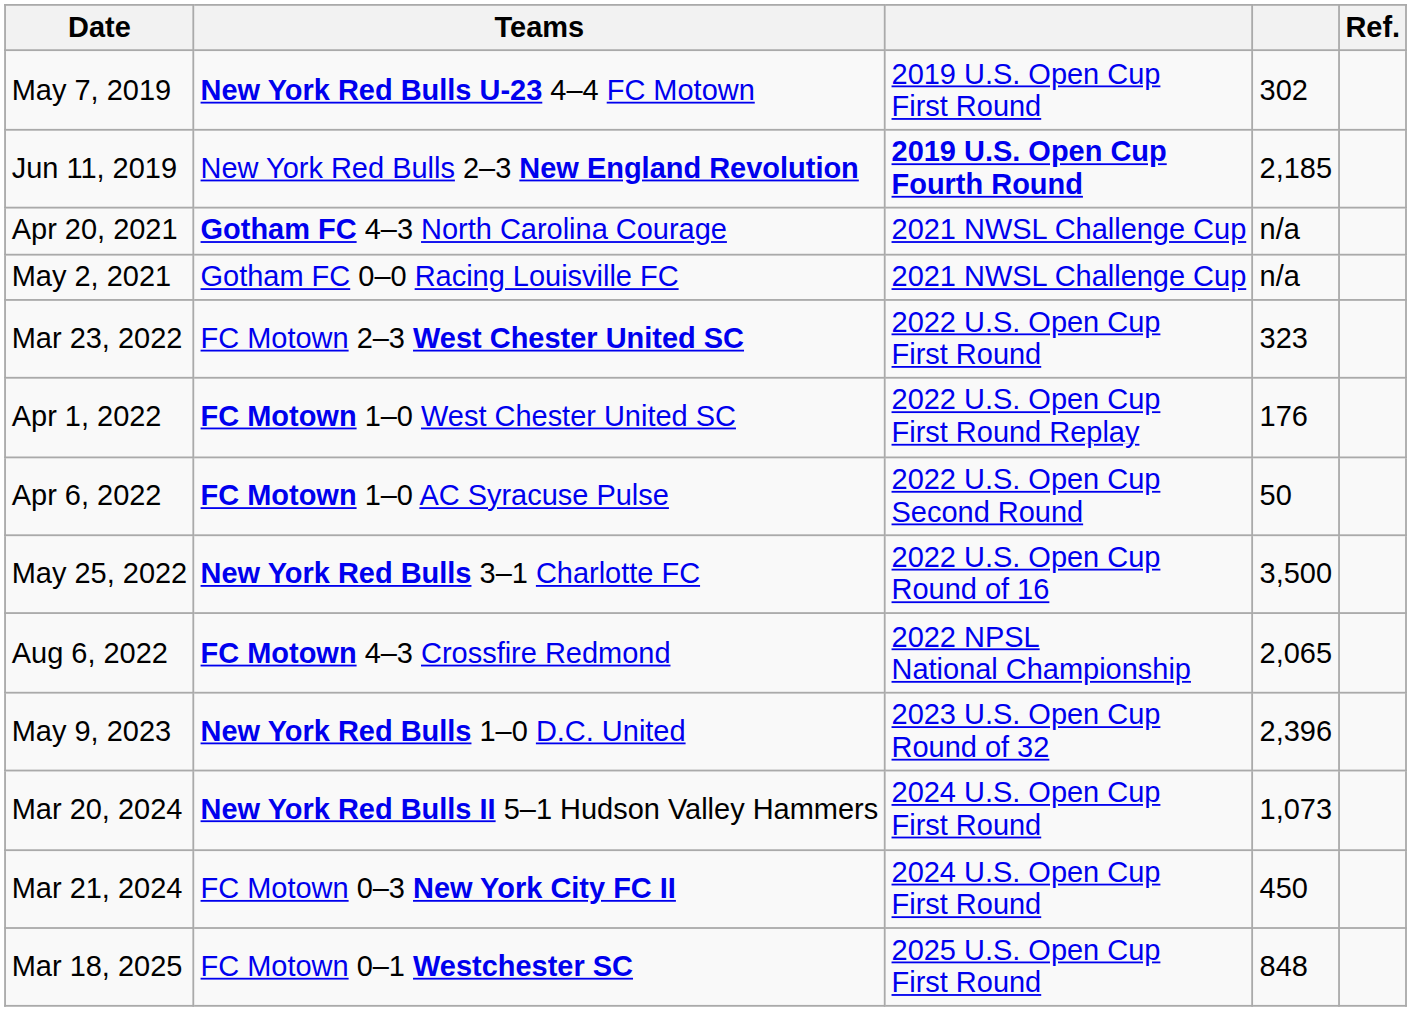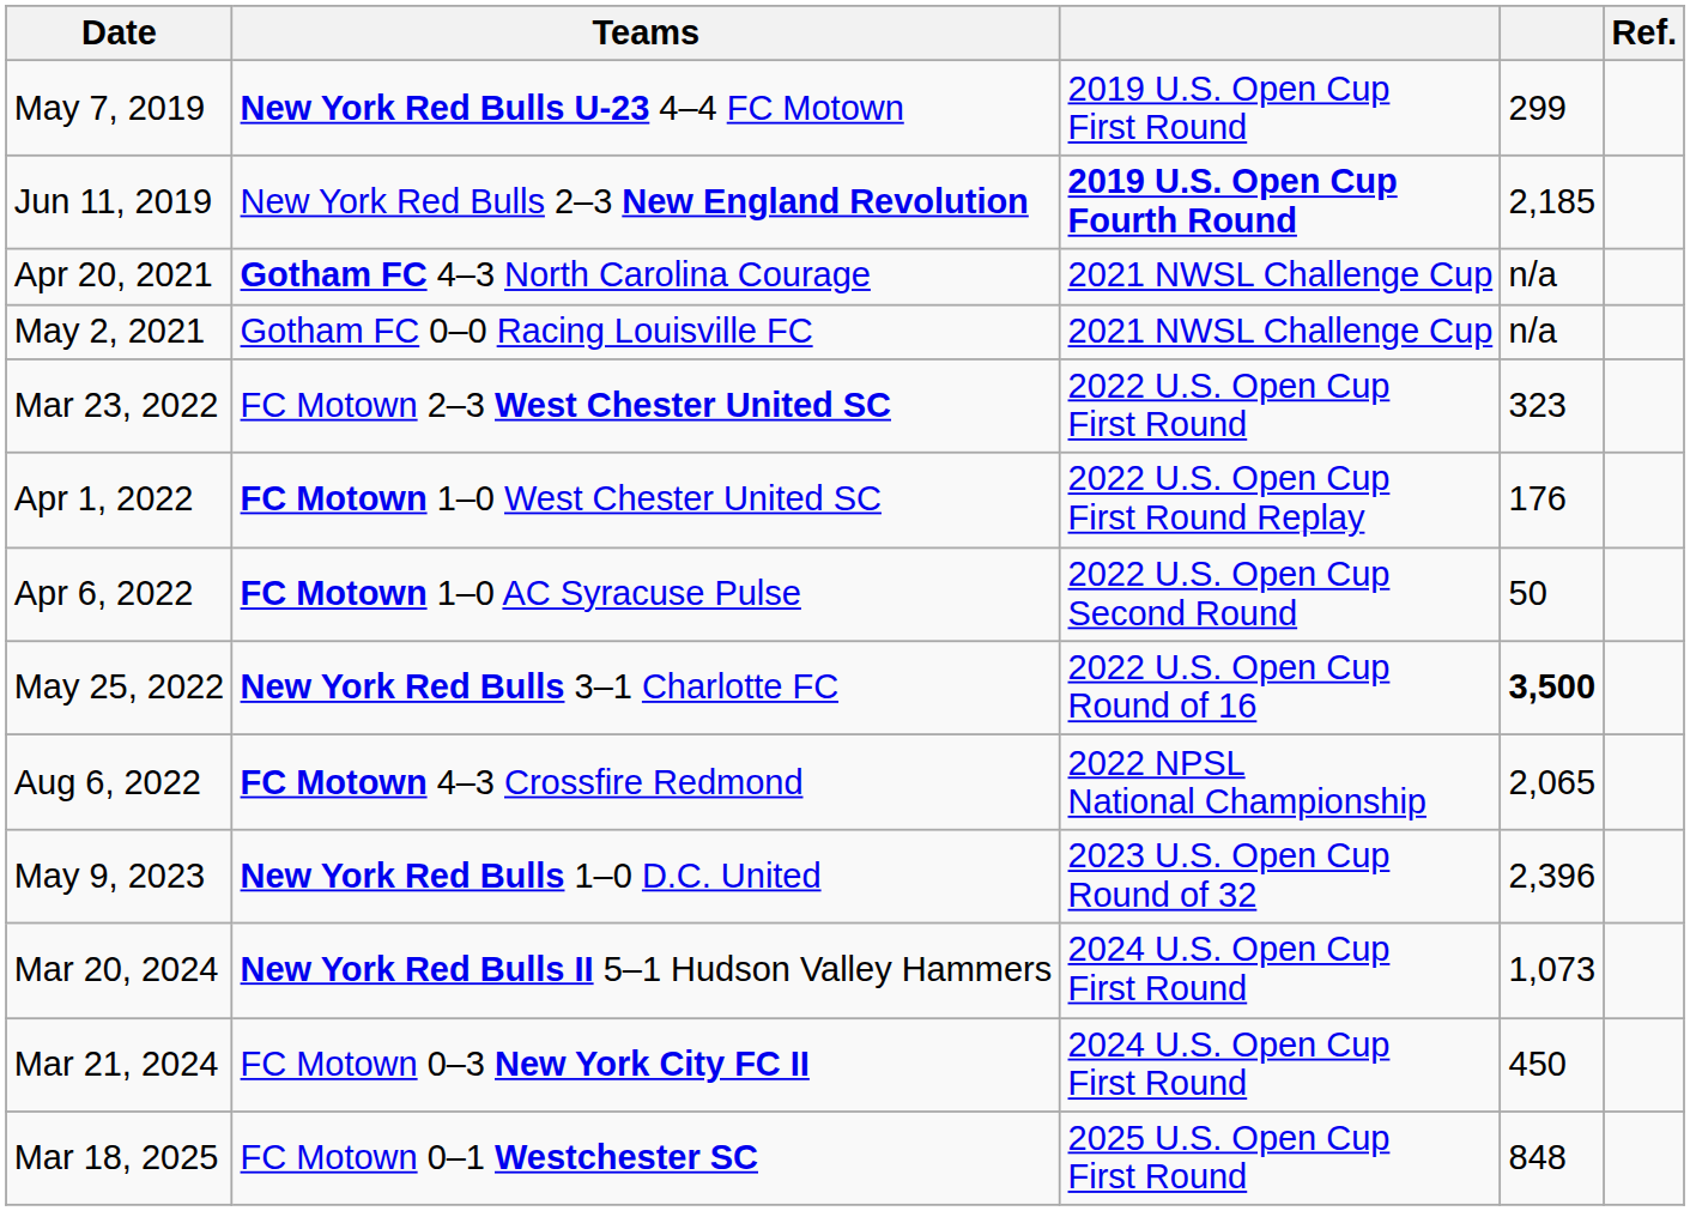 <table class="wikitable" align=center style="margin-left:15px; text-align: ; background:  ;">
 <tr>
 <th>Date</th>
 <th>Teams</th>
 <th></th>
 <th></th>
 <th>Ref.</th>
 </tr>
 <tr>
 <td>May 7, 2019</td>
 <td><strong><a href='#'>New York Red Bulls U-23</a></strong> 4–4 <a href='#'>FC Motown</a></td>
 <td><a href='#'>2019 U.S. Open Cup<br>First Round</a></td>
-<td>302</td>
+<td>299</td>
 <td></td>
 </tr>
 <tr>
 <td>Jun 11, 2019</td>
 <td><a href='#'>New York Red Bulls</a> 2–3 <strong><a href='#'>New England Revolution</a></strong></td>
 <td><strong><a href='#'>2019 U.S. Open Cup<br>Fourth Round</a></strong></td>
 <td>2,185</td>
 <td></td>
 </tr>
 <tr>
 <td>Apr 20, 2021</td>
 <td><strong><a href='#'>Gotham FC</a></strong> 4–3 <a href='#'>North Carolina Courage</a></td>
 <td><a href='#'>2021 NWSL Challenge Cup</a></td>
 <td>n/a</td>
 <td></td>
 </tr>
 <tr>
 <td>May 2, 2021</td>
 <td><a href='#'>Gotham FC</a> 0–0 <a href='#'>Racing Louisville FC</a></td>
 <td><a href='#'>2021 NWSL Challenge Cup</a></td>
 <td>n/a</td>
 <td></td>
 </tr>
 <tr>
 <td>Mar 23, 2022</td>
 <td><a href='#'>FC Motown</a> 2–3 <strong><a href='#'>West Chester United SC</a></strong></td>
 <td><a href='#'>2022 U.S. Open Cup<br>First Round</a></td>
 <td>323</td>
 <td></td>
 </tr>
 <tr>
 <td>Apr 1, 2022</td>
 <td><strong><a href='#'>FC Motown</a></strong> 1–0 <a href='#'>West Chester United SC</a></td>
 <td><a href='#'>2022 U.S. Open Cup<br>First Round Replay</a></td>
 <td>176</td>
 <td></td>
 </tr>
 <tr>
 <td>Apr 6, 2022</td>
 <td><strong><a href='#'>FC Motown</a></strong> 1–0 <a href='#'>AC Syracuse Pulse</a></td>
 <td><a href='#'>2022 U.S. Open Cup<br>Second Round</a></td>
 <td>50</td>
 <td></td>
 </tr>
 <tr>
 <td>May 25, 2022</td>
 <td><strong><a href='#'>New York Red Bulls</a> </strong> 3–1 <a href='#'>Charlotte FC</a></td>
 <td><a href='#'>2022 U.S. Open Cup<br>Round of 16</a></td>
-<td>3,500</td>
+<td><strong>3,500</strong></td>
 <td></td>
 </tr>
 <tr>
 <td>Aug 6, 2022</td>
 <td><strong><a href='#'>FC Motown</a></strong> 4–3 <a href='#'>Crossfire Redmond</a></td>
 <td><a href='#'>2022 NPSL<br>National Championship</a></td>
 <td>2,065</td>
 <td></td>
 </tr>
 <tr>
 <td>May 9, 2023</td>
 <td><strong><a href='#'>New York Red Bulls</a></strong> 1–0 <a href='#'>D.C. United</a></td>
 <td><a href='#'>2023 U.S. Open Cup<br>Round of 32</a></td>
 <td>2,396</td>
 <td></td>
 </tr>
 <tr>
 <td>Mar 20, 2024</td>
 <td><strong><a href='#'>New York Red Bulls II</a></strong> 5–1 Hudson Valley Hammers</td>
 <td><a href='#'>2024 U.S. Open Cup<br>First Round</a></td>
 <td>1,073</td>
 <td></td>
 </tr>
 <tr>
 <td>Mar 21, 2024</td>
 <td><a href='#'>FC Motown</a> 0–3 <strong><a href='#'>New York City FC II</a></strong></td>
 <td><a href='#'>2024 U.S. Open Cup<br>First Round</a></td>
 <td>450</td>
 <td></td>
 </tr>
 <tr>
 <td>Mar 18, 2025</td>
 <td><a href='#'>FC Motown</a> 0–1 <strong><a href='#'>Westchester SC</a></strong></td>
 <td><a href='#'>2025 U.S. Open Cup<br>First Round</a></td>
 <td>848</td>
 <td></td>
 </tr>
 </table>
